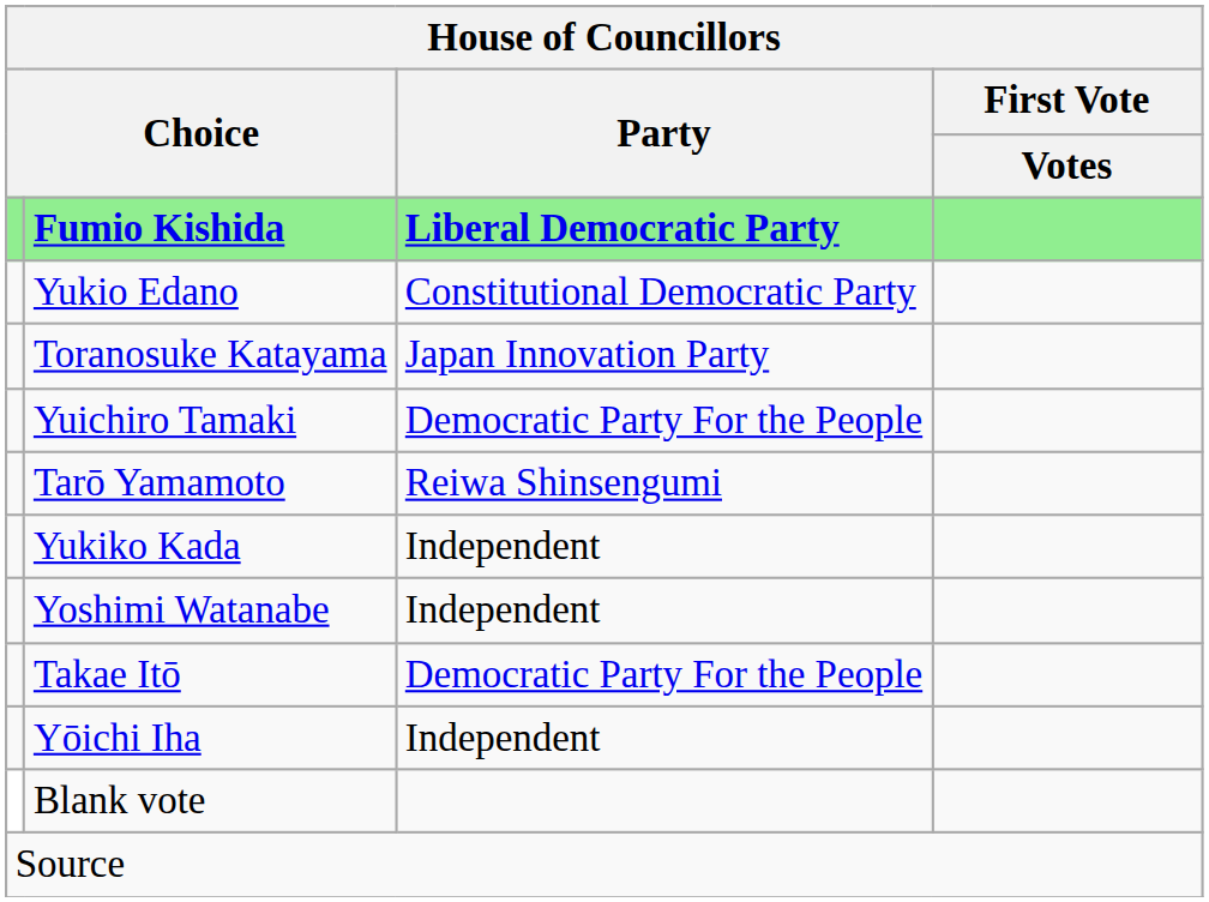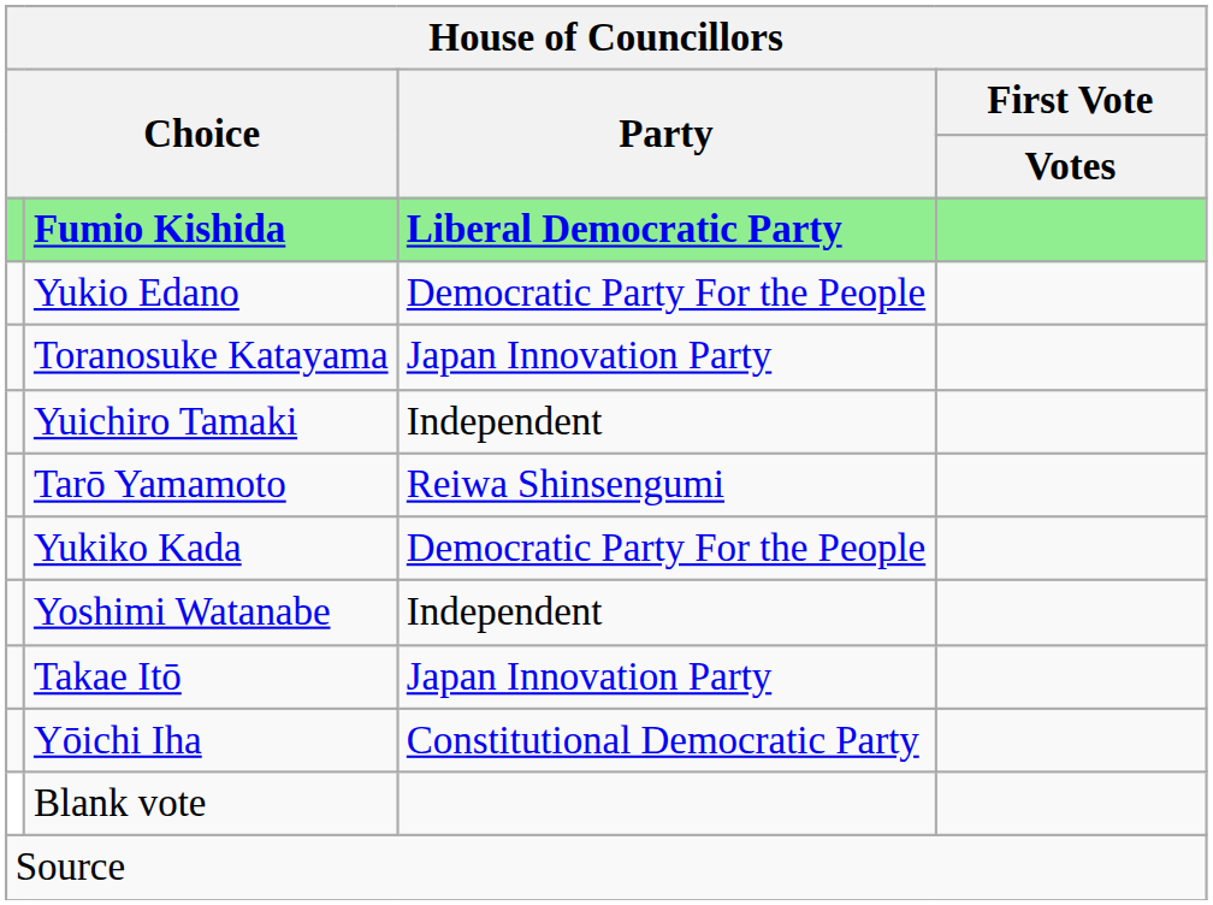 <table class="wikitable" style="font-size:98%;">
 <tr>
 <th colspan="4">House of Councillors</th>
 </tr>
 <tr>
 <th align="left" rowspan="2" colspan="2" width="100">Choice</th>
 <th rowspan="2">Party</th>
 <th colspan="2">First Vote</th>
 </tr>
 <tr>
 <th width="100">Votes</th>
 </tr>
 <tr style="background:lightgreen;">
 <td style="color:inherit;background:"></td>
 <td style="text-align:left;"><strong><a href='#'>Fumio Kishida</a></strong></td>
 <td style="text-align:left;"><strong><a href='#'>Liberal Democratic Party</a></strong></td>
 <td><strong></strong></td>
 </tr>
 <tr>
 <td style="color:inherit;background:"></td>
 <td style="text-align:left;"><a href='#'>Yukio Edano</a></td>
-<td style="text-align:left;"><a href='#'>Constitutional Democratic Party</a></td>
+<td style="text-align:left;"><a href='#'>Democratic Party For the People</a></td>
 <td></td>
 </tr>
 <tr>
 <td style="color:inherit;background:"></td>
 <td style="text-align:left;"><a href='#'>Toranosuke Katayama</a></td>
 <td style="text-align:left;"><a href='#'>Japan Innovation Party</a></td>
 <td></td>
 </tr>
 <tr>
 <td style="color:inherit;background:"></td>
 <td style="text-align:left;"><a href='#'>Yuichiro Tamaki</a></td>
-<td style="text-align:left;"><a href='#'>Democratic Party For the People</a></td>
+<td style="text-align:left;">Independent</td>
 <td></td>
 </tr>
 <tr>
 <td style="color:inherit;background:"></td>
 <td style="text-align:left;"><a href='#'>Tarō Yamamoto</a></td>
 <td style="text-align:left;"><a href='#'>Reiwa Shinsengumi</a></td>
 <td></td>
 </tr>
 <tr>
 <td style="color:inherit;background:"></td>
 <td style="text-align:left;"><a href='#'>Yukiko Kada</a></td>
-<td style="text-align:left;">Independent</td>
+<td style="text-align:left;"><a href='#'>Democratic Party For the People</a></td>
 <td></td>
 </tr>
 <tr>
 <td style="color:inherit;background:"></td>
 <td style="text-align:left;"><a href='#'>Yoshimi Watanabe</a></td>
 <td style="text-align:left;">Independent</td>
 <td></td>
 </tr>
 <tr>
 <td style="color:inherit;background:"></td>
 <td style="text-align:left;"><a href='#'>Takae Itō</a></td>
-<td style="text-align:left;"><a href='#'>Democratic Party For the People</a></td>
+<td style="text-align:left;"><a href='#'>Japan Innovation Party</a></td>
 <td></td>
 </tr>
 <tr>
 <td style="color:inherit;background:"></td>
 <td style="text-align:left;"><a href='#'>Yōichi Iha</a></td>
-<td style="text-align:left;">Independent</td>
+<td style="text-align:left;"><a href='#'>Constitutional Democratic Party</a></td>
 <td></td>
 </tr>
 <tr>
 <td style="background:white"></td>
 <td style="text-align:left;">Blank vote</td>
 <td style="text-align:left;"></td>
 <td></td>
 </tr>
 <tr>
 <td colspan=4>Source</td>
 </tr>
 <tr>
 </tr>
 </table>
